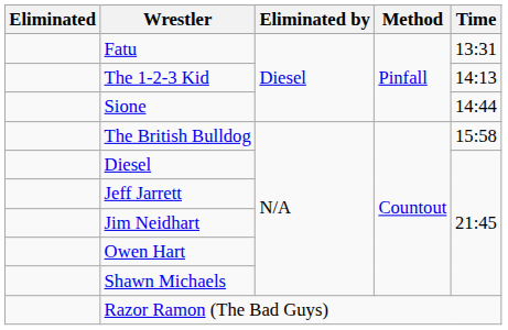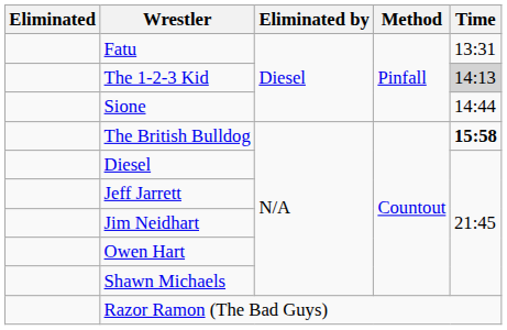 <table class="wikitable sortable">
 <tr>
 <th>Eliminated</th>
 <th>Wrestler</th>
 <th>Eliminated by</th>
 <th>Method</th>
 <th>Time</th>
 </tr>
 <tr>
 <td></td>
 <td><a href='#'>Fatu</a></td>
 <td rowspan="3"><a href='#'>Diesel</a></td>
 <td rowspan="3"><a href='#'>Pinfall</a></td>
 <td>13:31</td>
 </tr>
 <tr>
 <td></td>
 <td><a href='#'>The 1-2-3 Kid</a></td>
-<td>14:13</td>
+<td style="background: lightgrey;">14:13</td>
 </tr>
 <tr>
 <td></td>
 <td><a href='#'>Sione</a></td>
 <td>14:44</td>
 </tr>
 <tr>
 <td></td>
 <td><a href='#'>The British Bulldog</a></td>
 <td rowspan="6">N/A</td>
 <td rowspan="6"><a href='#'>Countout</a></td>
-<td>15:58</td>
+<td><strong>15:58</strong></td>
 </tr>
 <tr>
 <td></td>
 <td><a href='#'>Diesel</a></td>
 <td rowspan="5">21:45</td>
 </tr>
 <tr>
 <td></td>
 <td><a href='#'>Jeff Jarrett</a></td>
 </tr>
 <tr>
 <td></td>
 <td><a href='#'>Jim Neidhart</a></td>
 </tr>
 <tr>
 <td></td>
 <td><a href='#'>Owen Hart</a></td>
 </tr>
 <tr>
 <td></td>
 <td><a href='#'>Shawn Michaels</a></td>
 </tr>
 <tr>
 <td></td>
 <td colspan="4"><a href='#'>Razor Ramon</a> (The Bad Guys)</td>
 </tr>
 </table>
